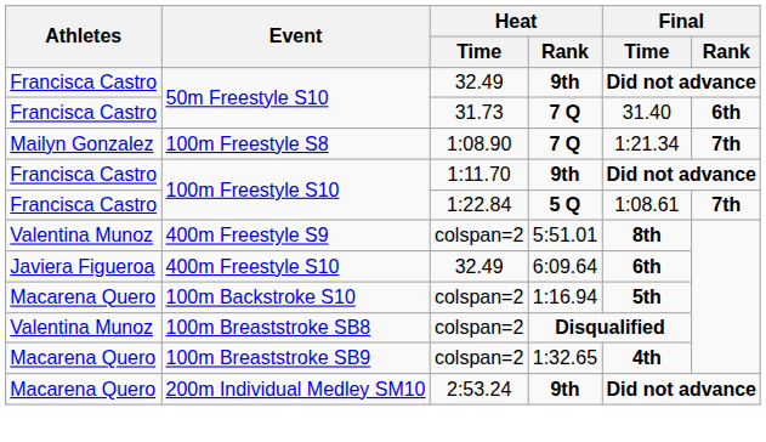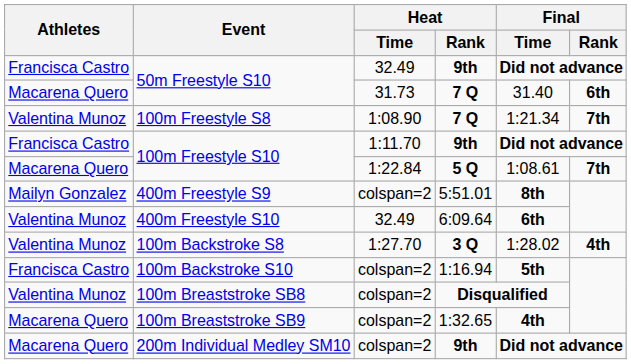 <table class="wikitable" border="1" style="font-size:90%">
 <tr>
 <th rowspan=2>Athletes</th>
 <th rowspan=2>Event</th>
 <th colspan=2>Heat</th>
 <th colspan=2>Final</th>
 </tr>
 <tr>
 <th>Time</th>
 <th>Rank</th>
 <th>Time</th>
 <th>Rank</th>
 </tr>
 <tr>
 <td><a href='#'>Francisca Castro</a></td>
 <td rowspan=2><a href='#'>50m Freestyle S10</a></td>
 <td align=center>32.49</td>
 <td align=center><strong>9th</strong></td>
 <td align=center colspan=2><strong>Did not advance</strong></td>
 </tr>
 <tr>
-<td><a href='#'>Francisca Castro</a></td>
+<td><a href='#'>Macarena Quero</a></td>
 <td align=center>31.73</td>
 <td align=center><strong>7 Q</strong></td>
 <td align=center>31.40</td>
 <td align=center><strong>6th</strong></td>
 </tr>
 <tr>
-<td><a href='#'>Mailyn Gonzalez</a></td>
+<td><a href='#'>Valentina Munoz</a></td>
 <td><a href='#'>100m Freestyle S8</a></td>
 <td align=center>1:08.90</td>
 <td align=center><strong>7 Q</strong></td>
 <td align=center>1:21.34</td>
 <td align=center><strong>7th</strong></td>
 </tr>
 <tr>
 <td><a href='#'>Francisca Castro</a></td>
 <td rowspan=2><a href='#'>100m Freestyle S10</a></td>
 <td align=center>1:11.70</td>
 <td align=center><strong>9th</strong></td>
 <td align=center colspan=2><strong>Did not advance</strong></td>
 </tr>
 <tr>
-<td><a href='#'>Francisca Castro</a></td>
+<td><a href='#'>Macarena Quero</a></td>
 <td align=center>1:22.84</td>
 <td align=center><strong>5 Q</strong></td>
 <td align=center>1:08.61</td>
 <td align=center><strong>7th</strong></td>
 </tr>
 <tr>
-<td><a href='#'>Valentina Munoz</a></td>
+<td><a href='#'>Mailyn Gonzalez</a></td>
 <td><a href='#'>400m Freestyle S9</a></td>
 <td>colspan=2 </td>
 <td align=center>5:51.01</td>
 <td align=center><strong>8th</strong></td>
 </tr>
 <tr>
-<td><a href='#'>Javiera Figueroa</a></td>
+<td><a href='#'>Valentina Munoz</a></td>
 <td><a href='#'>400m Freestyle S10</a></td>
 <td align=center>32.49</td>
 <td align=center>6:09.64</td>
 <td align=center><strong>6th</strong></td>
 </tr>
 <tr>
-<td><a href='#'>Macarena Quero</a></td>
+<td><a href='#'>Valentina Munoz</a></td>
+<td><a href='#'>100m Backstroke S8</a></td>
+<td align=center>1:27.70</td>
+<td align=center><strong>3</strong> <strong>Q</strong></td>
+<td align=center>1:28.02</td>
+<td align=center><strong>4th</strong></td>
+</tr>
+<tr>
+<td><a href='#'>Francisca Castro</a></td>
 <td><a href='#'>100m Backstroke S10</a></td>
 <td>colspan=2 </td>
 <td align=center>1:16.94</td>
 <td align=center><strong>5th</strong></td>
 </tr>
 <tr>
 <td><a href='#'>Valentina Munoz</a></td>
 <td><a href='#'>100m Breaststroke SB8</a></td>
 <td>colspan=2 </td>
 <td align=center colspan=2><strong>Disqualified</strong></td>
 </tr>
 <tr>
 <td><a href='#'>Macarena Quero</a></td>
 <td><a href='#'>100m Breaststroke SB9</a></td>
 <td>colspan=2 </td>
 <td align=center>1:32.65</td>
 <td align=center><strong>4th</strong></td>
 </tr>
 <tr>
 <td><a href='#'>Macarena Quero</a></td>
 <td><a href='#'>200m Individual Medley SM10</a></td>
-<td align=center>2:53.24</td>
+<td>colspan=2 </td>
 <td align=center><strong>9th</strong></td>
 <td align=center colspan=2><strong>Did not advance</strong></td>
 </tr>
 </table>
